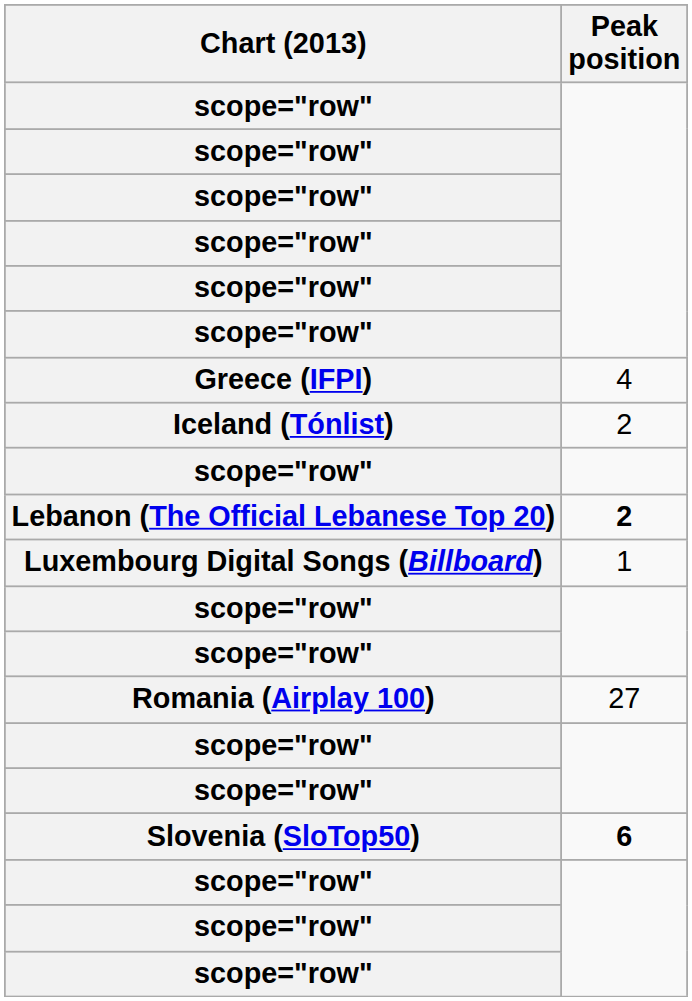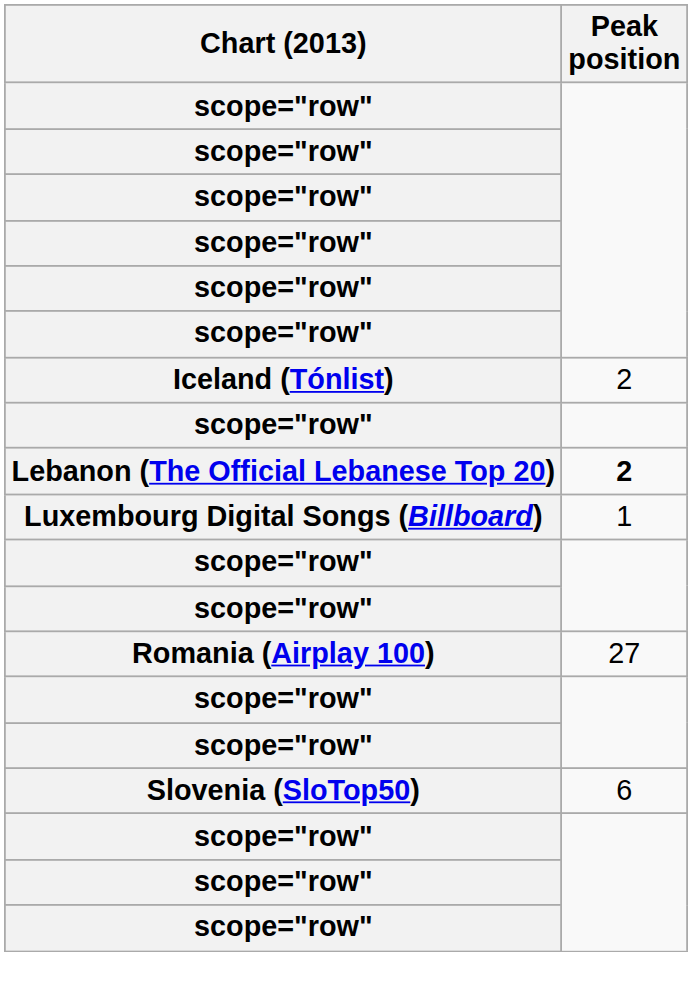 <table class="wikitable sortable plainrowheaders">
 <tr>
 <th>Chart (2013)</th>
 <th>Peak<br>position</th>
 </tr>
 <tr tmolarh>
 <th>scope="row"</th>
 </tr>
 <tr>
 <th>scope="row"</th>
 </tr>
 <tr>
 <th>scope="row"</th>
 </tr>
 <tr>
 <th>scope="row"</th>
 </tr>
 <tr>
 <th>scope="row"</th>
 </tr>
 <tr>
 <th>scope="row"</th>
-</tr>
-<tr>
-<th scope="row">Greece (<a href='#'>IFPI</a>)</th>
-<td align="center">4</td>
 </tr>
 <tr>
 <th scope="row">Iceland (<a href='#'>Tónlist</a>)</th>
 <td align="center">2</td>
 </tr>
 <tr>
 <th>scope="row"</th>
 </tr>
 <tr>
 <th scope="row">Lebanon (<a href='#'>The Official Lebanese Top 20</a>)</th>
 <td style="text-align:center;"><strong>2</strong></td>
 </tr>
 <tr>
 <th scope="row">Luxembourg Digital Songs (<em><a href='#'>Billboard</a></em>)</th>
 <td style="text-align:center;">1</td>
 </tr>
 <tr>
 <th>scope="row"</th>
 </tr>
 <tr>
 <th>scope="row"</th>
 </tr>
 <tr>
 <th scope="row">Romania (<a href='#'>Airplay 100</a>)</th>
 <td style="text-align:center;">27</td>
 </tr>
 <tr>
 <th>scope="row"</th>
 </tr>
 <tr>
 <th>scope="row"</th>
 </tr>
 <tr>
 <th scope="row">Slovenia (<a href='#'>SloTop50</a>)</th>
-<td align=center><strong>6</strong></td>
+<td align=center>6</td>
 </tr>
 <tr>
 <th>scope="row"</th>
 </tr>
 <tr>
 <th>scope="row"</th>
 </tr>
 <tr>
 <th>scope="row"</th>
 </tr>
 <tr>
 </tr>
 </table>
